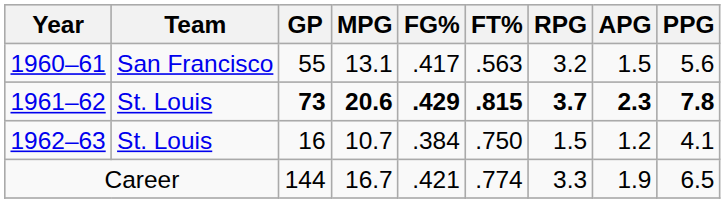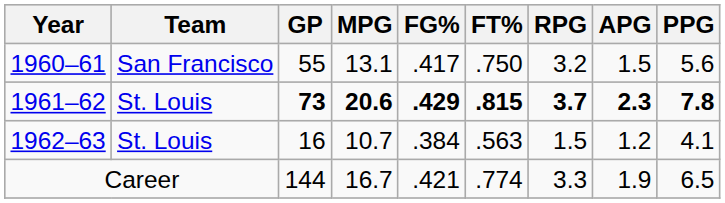 <table class="wikitable sortable" style="font-size:95%; text-align:right;">
 <tr>
 <th>Year</th>
 <th>Team</th>
 <th>GP</th>
 <th>MPG</th>
 <th>FG%</th>
 <th>FT%</th>
 <th>RPG</th>
 <th>APG</th>
 <th>PPG</th>
 </tr>
 <tr>
 <td style="text-align:left;"><a href='#'>1960–61</a></td>
 <td style="text-align:left;"><a href='#'>San Francisco</a></td>
 <td>55</td>
 <td>13.1</td>
 <td>.417</td>
-<td>.563</td>
+<td>.750</td>
 <td>3.2</td>
 <td>1.5</td>
 <td>5.6</td>
 </tr>
 <tr>
 <td style="text-align:left;"><a href='#'>1961–62</a></td>
 <td style="text-align:left;"><a href='#'>St. Louis</a></td>
 <td><strong>73</strong></td>
 <td><strong>20.6</strong></td>
 <td><strong>.429</strong></td>
 <td><strong>.815</strong></td>
 <td><strong>3.7</strong></td>
 <td><strong>2.3</strong></td>
 <td><strong>7.8</strong></td>
 </tr>
 <tr>
 <td style="text-align:left;"><a href='#'>1962–63</a></td>
 <td style="text-align:left;"><a href='#'>St. Louis</a></td>
 <td>16</td>
 <td>10.7</td>
 <td>.384</td>
-<td>.750</td>
+<td>.563</td>
 <td>1.5</td>
 <td>1.2</td>
 <td>4.1</td>
 </tr>
 <tr class="sortbottom">
 <td style="text-align:center;" colspan="2">Career</td>
 <td>144</td>
 <td>16.7</td>
 <td>.421</td>
 <td>.774</td>
 <td>3.3</td>
 <td>1.9</td>
 <td>6.5</td>
 </tr>
 </table>
